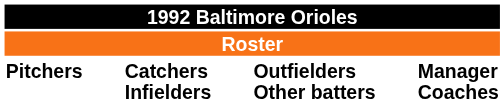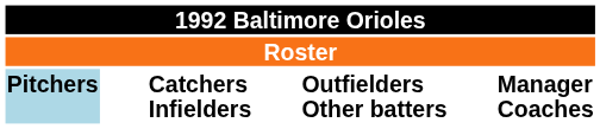 <table class="toccolours" style="font-size: 95%;">
 <tr>
 <th colspan="10" style="background-color: black; color: #FFFFFF; text-align: center;">1992 Baltimore Orioles</th>
 </tr>
 <tr>
 <td colspan="10" style="background-color: #F87217; color: white; text-align: center;"><strong>Roster</strong></td>
 </tr>
 <tr>
-<td valign="top"><strong>Pitchers</strong><br>               </td>
+<td valign="top" style="background: lightblue;"><strong>Pitchers</strong><br>               </td>
 <td width="25px"></td>
 <td valign="top"><strong>Catchers</strong><br>    <strong>Infielders</strong>          </td>
 <td width="25px"></td>
 <td valign="top"><strong>Outfielders</strong><br>     <strong>Other batters</strong>   </td>
 <td width="25px"></td>
 <td valign="top"><strong>Manager</strong><br> <strong>Coaches</strong>     </td>
 </tr>
 </table>
